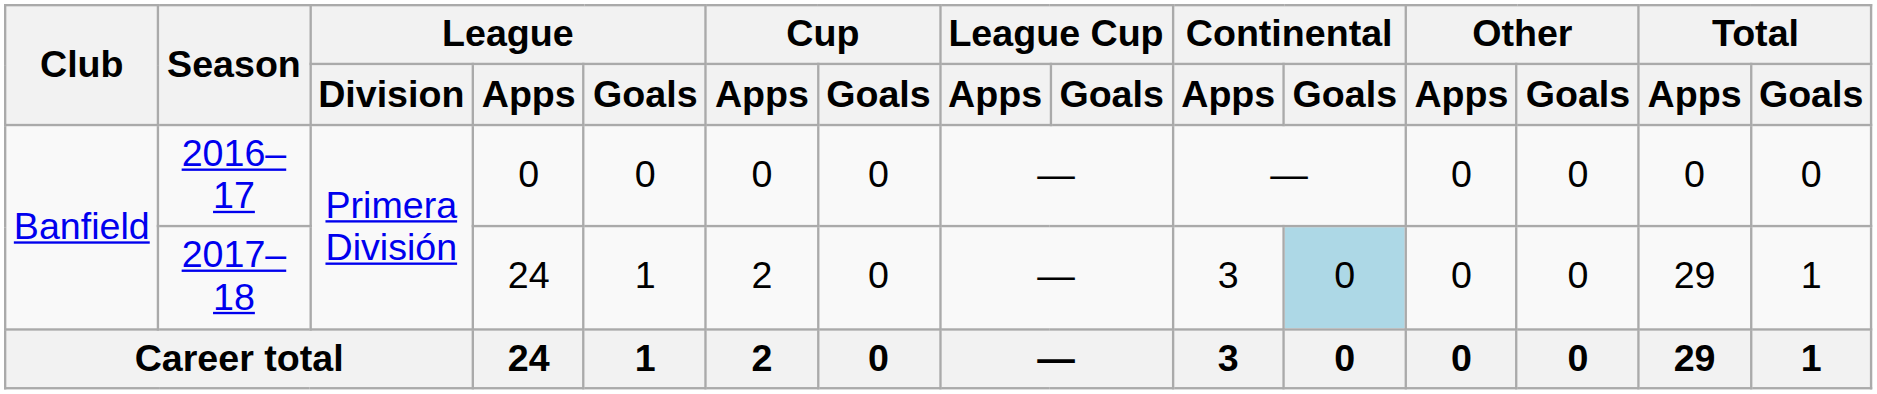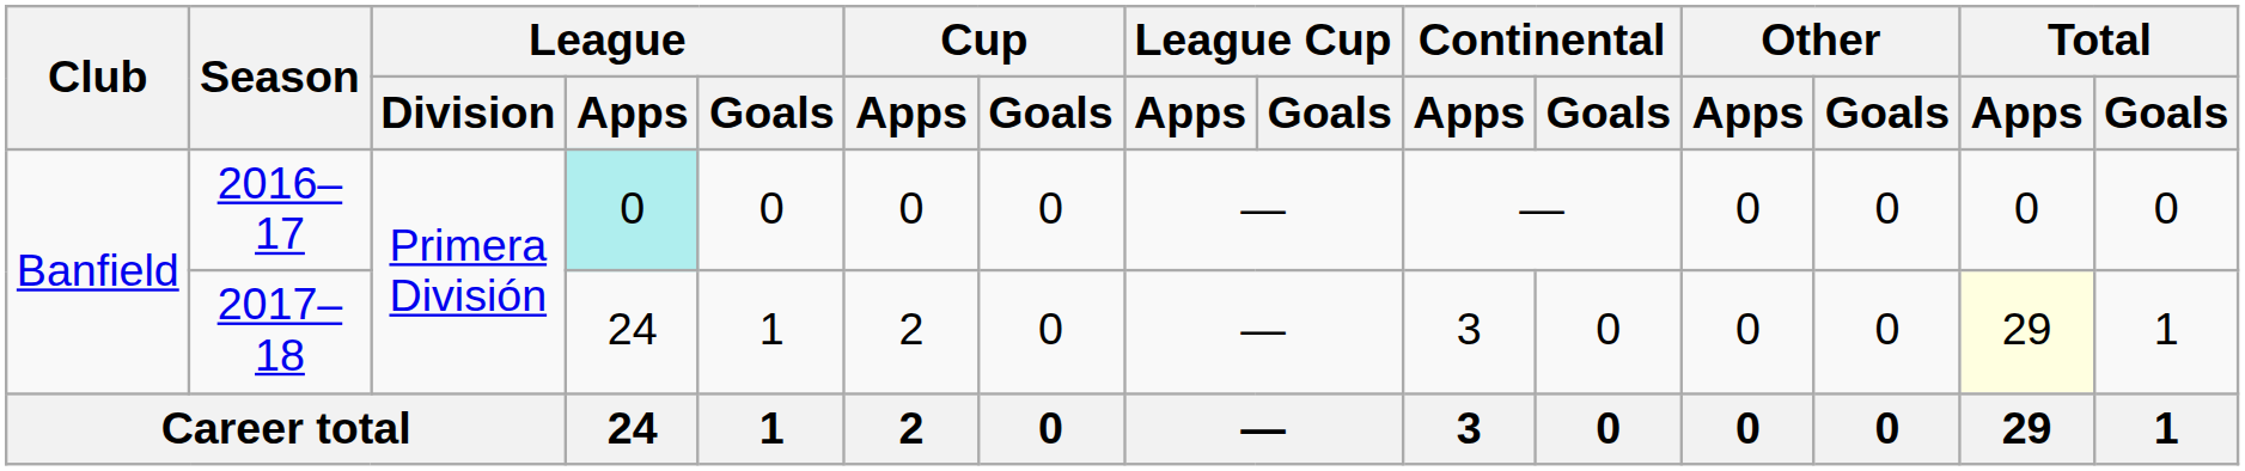 <table class="wikitable" style="text-align:center">
 <tr>
 <th rowspan="2">Club</th>
 <th rowspan="2">Season</th>
 <th colspan="3">League</th>
 <th colspan="2">Cup</th>
 <th colspan="2">League Cup</th>
 <th colspan="2">Continental</th>
 <th colspan="2">Other</th>
 <th colspan="2">Total</th>
 </tr>
 <tr>
 <th>Division</th>
 <th>Apps</th>
 <th>Goals</th>
 <th>Apps</th>
 <th>Goals</th>
 <th>Apps</th>
 <th>Goals</th>
 <th>Apps</th>
 <th>Goals</th>
 <th>Apps</th>
 <th>Goals</th>
 <th>Apps</th>
 <th>Goals</th>
 </tr>
 <tr>
 <td rowspan="2"><a href='#'>Banfield</a></td>
 <td><a href='#'>2016–17</a></td>
 <td rowspan="2"><a href='#'>Primera División</a></td>
-<td>0</td>
+<td style="background: paleturquoise;">0</td>
 <td>0</td>
 <td>0</td>
 <td>0</td>
 <td colspan="2">—</td>
 <td colspan="2">—</td>
 <td>0</td>
 <td>0</td>
 <td>0</td>
 <td>0</td>
 </tr>
 <tr>
 <td><a href='#'>2017–18</a></td>
 <td>24</td>
 <td>1</td>
 <td>2</td>
 <td>0</td>
 <td colspan="2">—</td>
 <td>3</td>
-<td style="background: lightblue;">0</td>
 <td>0</td>
 <td>0</td>
-<td>29</td>
+<td>0</td>
+<td style="background: lightyellow;">29</td>
 <td>1</td>
 </tr>
 <tr>
 <th colspan="3">Career total</th>
 <th>24</th>
 <th>1</th>
 <th>2</th>
 <th>0</th>
 <th colspan="2">—</th>
 <th>3</th>
 <th>0</th>
 <th>0</th>
 <th>0</th>
 <th>29</th>
 <th>1</th>
 </tr>
 </table>
